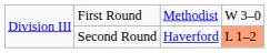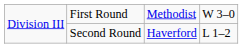 <table class="wikitable">
 <tr>
 <td rowspan="5"><a href='#'>Division III</a></td>
 <td>First Round</td>
 <td><a href='#'>Methodist</a></td>
 <td>W 3–0</td>
 </tr>
 <tr>
 <td>Second Round</td>
 <td><a href='#'>Haverford</a></td>
-<td style="background: lightsalmon;">L 1–2</td>
+<td>L 1–2</td>
 </tr>
 </table>
